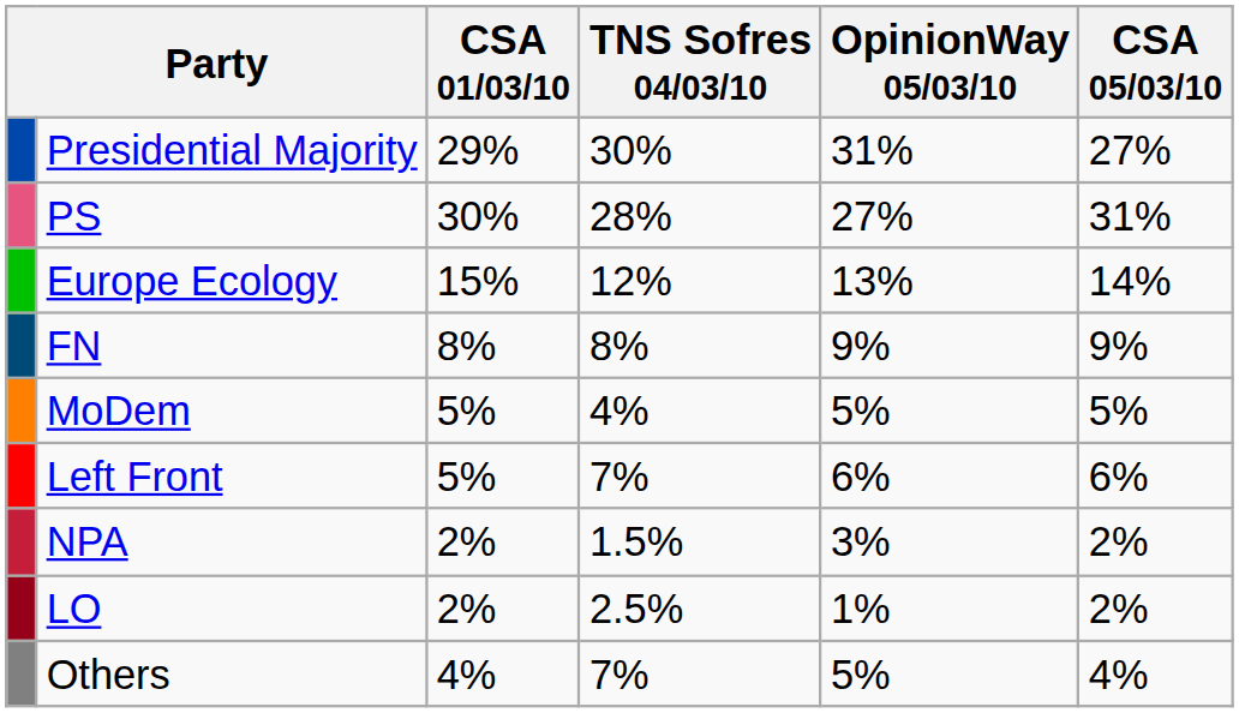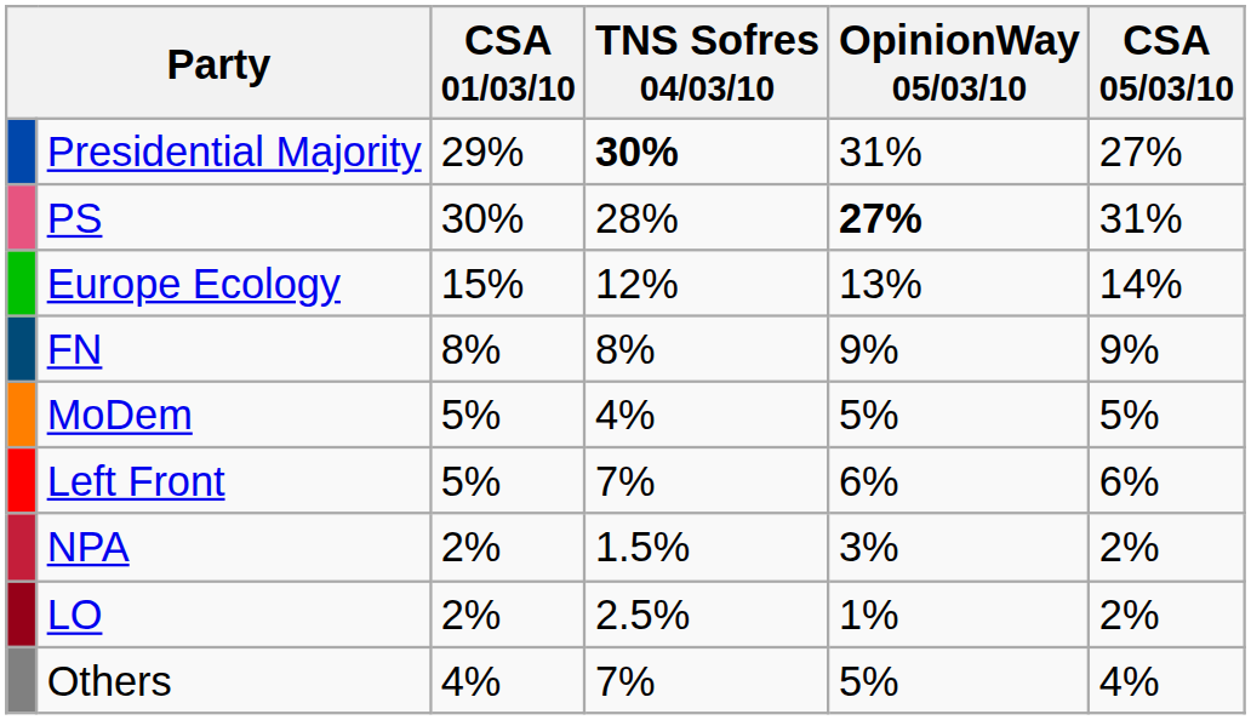 <table class="wikitable" style="font-size: 95%">
 <tr>
 <th colspan=2>Party</th>
 <th>CSA<br><small>01/03/10</small></th>
 <th>TNS Sofres<br><small>04/03/10</small></th>
 <th>OpinionWay<br><small>05/03/10</small></th>
 <th>CSA<br><small>05/03/10</small></th>
 </tr>
 <tr>
 <td bgcolor="#0047AB"> </td>
 <td><a href='#'>Presidential Majority</a></td>
 <td>29%</td>
-<td>30%</td>
+<td><strong>30%</strong></td>
 <td>31%</td>
 <td>27%</td>
 </tr>
 <tr>
 <td bgcolor="#E75480"> </td>
 <td><a href='#'>PS</a></td>
 <td>30%</td>
 <td>28%</td>
-<td>27%</td>
+<td><strong>27%</strong></td>
 <td>31%</td>
 </tr>
 <tr>
 <td bgcolor="#00c000"> </td>
 <td><a href='#'>Europe Ecology</a></td>
 <td>15%</td>
 <td>12%</td>
 <td>13%</td>
 <td>14%</td>
 </tr>
 <tr>
 <td bgcolor="#004A77"> </td>
 <td><a href='#'>FN</a></td>
 <td>8%</td>
 <td>8%</td>
 <td>9%</td>
 <td>9%</td>
 </tr>
 <tr>
 <td bgcolor="#FF7F00"> </td>
 <td><a href='#'>MoDem</a></td>
 <td>5%</td>
 <td>4%</td>
 <td>5%</td>
 <td>5%</td>
 </tr>
 <tr>
 <td bgcolor="#FF0000"> </td>
 <td><a href='#'>Left Front</a></td>
 <td>5%</td>
 <td>7%</td>
 <td>6%</td>
 <td>6%</td>
 </tr>
 <tr>
 <td bgcolor="#C41E3A"> </td>
 <td><a href='#'>NPA</a></td>
 <td>2%</td>
 <td>1.5%</td>
 <td>3%</td>
 <td>2%</td>
 </tr>
 <tr>
 <td bgcolor="#960018"> </td>
 <td><a href='#'>LO</a></td>
 <td>2%</td>
 <td>2.5%</td>
 <td>1%</td>
 <td>2%</td>
 </tr>
 <tr>
 <td bgcolor=gray> </td>
 <td>Others</td>
 <td>4%</td>
 <td>7%</td>
 <td>5%</td>
 <td>4%</td>
 </tr>
 </table>
